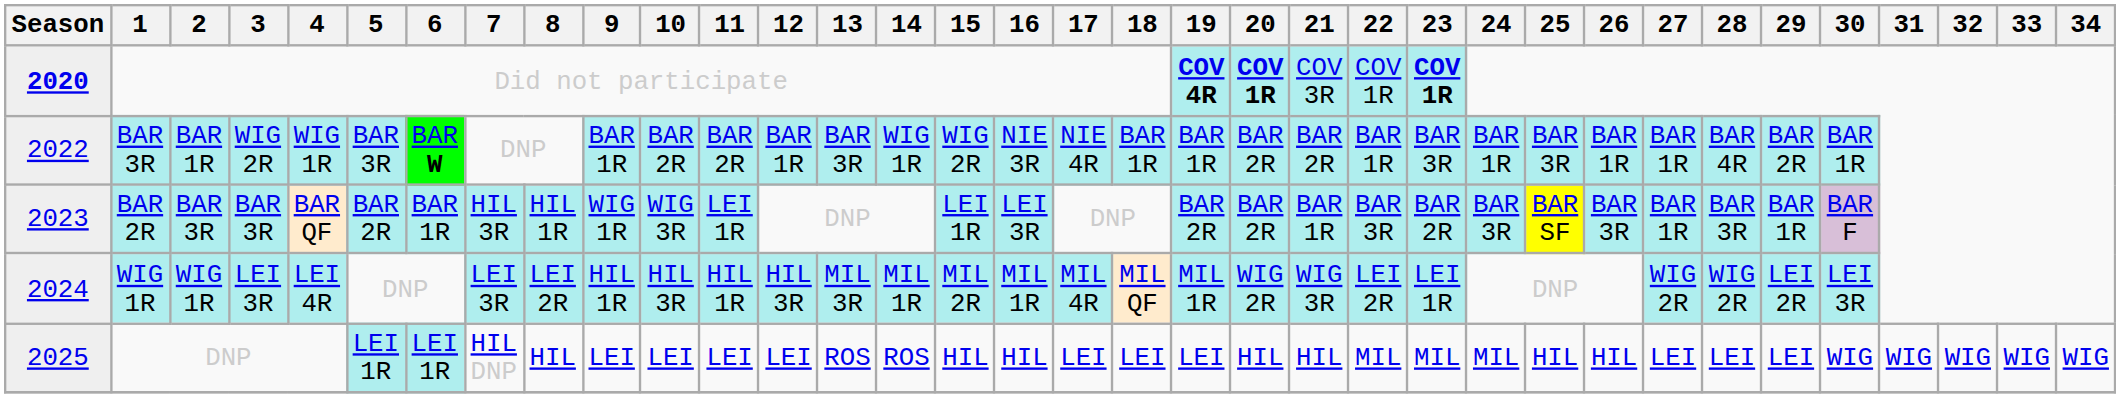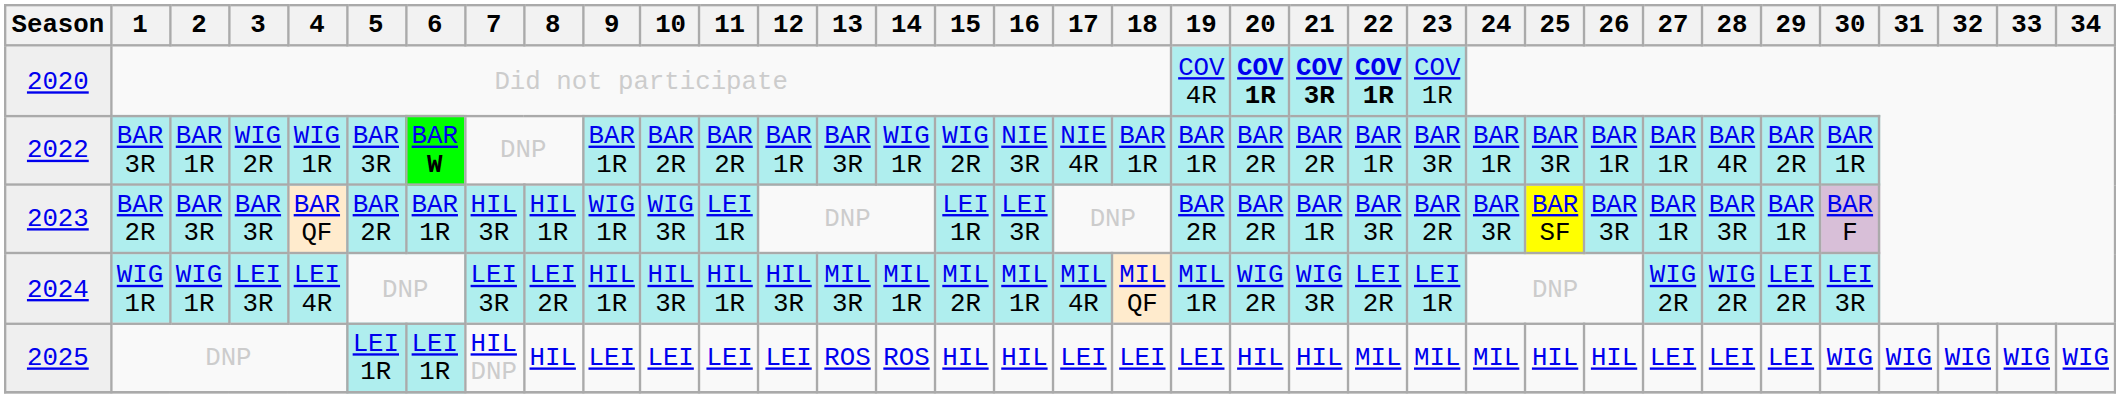 <table class="wikitable" style="width:20%; margin:0; font-size:84%">
 <tr>
 <th>Season</th>
 <th>1</th>
 <th>2</th>
 <th>3</th>
 <th>4</th>
 <th>5</th>
 <th>6</th>
 <th>7</th>
 <th>8</th>
 <th>9</th>
 <th>10</th>
 <th>11</th>
 <th>12</th>
 <th>13</th>
 <th>14</th>
 <th>15</th>
 <th>16</th>
 <th>17</th>
 <th>18</th>
 <th>19</th>
 <th>20</th>
 <th>21</th>
 <th>22</th>
 <th>23</th>
 <th>24</th>
 <th>25</th>
 <th>26</th>
 <th>27</th>
 <th>28</th>
 <th>29</th>
 <th>30</th>
 <th>31</th>
 <th>32</th>
 <th>33</th>
 <th>34</th>
 </tr>
 <tr>
-<td style="text-align:center; background:#efefef;"><strong><a href='#'>2020</a> <br></strong></td>
+<td style="text-align:center; background:#efefef;"><a href='#'>2020</a> <br></td>
 <td colspan="18" style="text-align:center; color:#ccc;">Did not participate</td>
-<td style="text-align:center; background:#afeeee;"><strong><a href='#'>COV</a><br>4R</strong></td>
+<td style="text-align:center; background:#afeeee;"><a href='#'>COV</a><br>4R</td>
 <td style="text-align:center; background:#afeeee;"><strong><a href='#'>COV</a><br>1R</strong></td>
-<td style="text-align:center; background:#afeeee;"><a href='#'>COV</a><br>3R</td>
+<td style="text-align:center; background:#afeeee;"><strong><a href='#'>COV</a><br>3R</strong></td>
+<td style="text-align:center; background:#afeeee;"><strong><a href='#'>COV</a><br>1R</strong></td>
 <td style="text-align:center; background:#afeeee;"><a href='#'>COV</a><br>1R</td>
-<td style="text-align:center; background:#afeeee;"><strong><a href='#'>COV</a><br>1R</strong></td>
 </tr>
 <tr>
 <td style="text-align:center; background:#efefef;"><a href='#'>2022</a></td>
 <td style="text-align:center; background:#afeeee;"><a href='#'>BAR</a><br>3R</td>
 <td style="text-align:center; background:#afeeee;"><a href='#'>BAR</a><br>1R</td>
 <td style="text-align:center; background:#afeeee;"><a href='#'>WIG</a><br>2R</td>
 <td style="text-align:center; background:#afeeee;"><a href='#'>WIG</a><br>1R</td>
 <td style="text-align:center; background:#afeeee;"><a href='#'>BAR</a><br>3R</td>
 <td style="text-align:center; background:lime;"><a href='#'>BAR</a><br><strong>W</strong></td>
 <td colspan="2" style="text-align:center; color:#ccc;">DNP</td>
 <td style="text-align:center; background:#afeeee;"><a href='#'>BAR</a><br>1R</td>
 <td style="text-align:center; background:#afeeee;"><a href='#'>BAR</a><br>2R</td>
 <td style="text-align:center; background:#afeeee;"><a href='#'>BAR</a><br>2R</td>
 <td style="text-align:center; background:#afeeee;"><a href='#'>BAR</a><br>1R</td>
 <td style="text-align:center; background:#afeeee;"><a href='#'>BAR</a><br>3R</td>
 <td style="text-align:center; background:#afeeee;"><a href='#'>WIG</a><br>1R</td>
 <td style="text-align:center; background:#afeeee;"><a href='#'>WIG</a><br>2R</td>
 <td style="text-align:center; background:#afeeee;"><a href='#'>NIE</a><br>3R</td>
 <td style="text-align:center; background:#afeeee;"><a href='#'>NIE</a><br>4R</td>
 <td style="text-align:center; background:#afeeee;"><a href='#'>BAR</a><br>1R</td>
 <td style="text-align:center; background:#afeeee;"><a href='#'>BAR</a><br>1R</td>
 <td style="text-align:center; background:#afeeee;"><a href='#'>BAR</a><br>2R</td>
 <td style="text-align:center; background:#afeeee;"><a href='#'>BAR</a><br>2R</td>
 <td style="text-align:center; background:#afeeee;"><a href='#'>BAR</a><br>1R</td>
 <td style="text-align:center; background:#afeeee;"><a href='#'>BAR</a><br>3R</td>
 <td style="text-align:center; background:#afeeee;"><a href='#'>BAR</a><br>1R</td>
 <td style="text-align:center; background:#afeeee;"><a href='#'>BAR</a><br>3R</td>
 <td style="text-align:center; background:#afeeee;"><a href='#'>BAR</a><br>1R</td>
 <td style="text-align:center; background:#afeeee;"><a href='#'>BAR</a><br>1R</td>
 <td style="text-align:center; background:#afeeee;"><a href='#'>BAR</a><br>4R</td>
 <td style="text-align:center; background:#afeeee;"><a href='#'>BAR</a><br>2R</td>
 <td style="text-align:center; background:#afeeee;"><a href='#'>BAR</a><br>1R</td>
 </tr>
 <tr>
 <td style="text-align:center; background:#efefef;"><a href='#'>2023</a></td>
 <td style="text-align:center; background:#afeeee;"><a href='#'>BAR</a><br>2R</td>
 <td style="text-align:center; background:#afeeee;"><a href='#'>BAR</a><br>3R</td>
 <td style="text-align:center; background:#afeeee;"><a href='#'>BAR</a><br>3R</td>
 <td style="text-align:center; background:#ffebcd;"><a href='#'>BAR</a><br>QF</td>
 <td style="text-align:center; background:#afeeee;"><a href='#'>BAR</a><br>2R</td>
 <td style="text-align:center; background:#afeeee;"><a href='#'>BAR</a><br>1R</td>
 <td style="text-align:center; background:#afeeee;"><a href='#'>HIL</a><br>3R</td>
 <td style="text-align:center; background:#afeeee;"><a href='#'>HIL</a><br>1R</td>
 <td style="text-align:center; background:#afeeee;"><a href='#'>WIG</a><br>1R</td>
 <td style="text-align:center; background:#afeeee;"><a href='#'>WIG</a><br>3R</td>
 <td style="text-align:center; background:#afeeee;"><a href='#'>LEI</a><br>1R</td>
 <td colspan="3" style="text-align:center; color:#ccc;">DNP</td>
 <td style="text-align:center; background:#afeeee;"><a href='#'>LEI</a><br>1R</td>
 <td style="text-align:center; background:#afeeee;"><a href='#'>LEI</a><br>3R</td>
 <td colspan="2" style="text-align:center; color:#ccc;">DNP</td>
 <td style="text-align:center; background:#afeeee;"><a href='#'>BAR</a><br>2R</td>
 <td style="text-align:center; background:#afeeee;"><a href='#'>BAR</a><br>2R</td>
 <td style="text-align:center; background:#afeeee;"><a href='#'>BAR</a><br>1R</td>
 <td style="text-align:center; background:#afeeee;"><a href='#'>BAR</a><br>3R</td>
 <td style="text-align:center; background:#afeeee;"><a href='#'>BAR</a><br>2R</td>
 <td style="text-align:center; background:#afeeee;"><a href='#'>BAR</a><br>3R</td>
 <td style="text-align:center; background:yellow;"><a href='#'>BAR</a><br>SF</td>
 <td style="text-align:center; background:#afeeee;"><a href='#'>BAR</a><br>3R</td>
 <td style="text-align:center; background:#afeeee;"><a href='#'>BAR</a><br>1R</td>
 <td style="text-align:center; background:#afeeee;"><a href='#'>BAR</a><br>3R</td>
 <td style="text-align:center; background:#afeeee;"><a href='#'>BAR</a><br>1R</td>
 <td style="text-align:center; background:thistle;"><a href='#'>BAR</a><br>F</td>
 </tr>
 <tr>
 <td style="text-align:center; background:#efefef;"><a href='#'>2024</a></td>
 <td style="text-align:center; background:#afeeee;"><a href='#'>WIG</a><br>1R</td>
 <td style="text-align:center; background:#afeeee;"><a href='#'>WIG</a><br>1R</td>
 <td style="text-align:center; background:#afeeee;"><a href='#'>LEI</a><br>3R</td>
 <td style="text-align:center; background:#afeeee;"><a href='#'>LEI</a><br>4R</td>
 <td colspan="2" style="text-align:center; color:#ccc;">DNP</td>
 <td style="text-align:center; background:#afeeee;"><a href='#'>LEI</a><br>3R</td>
 <td style="text-align:center; background:#afeeee;"><a href='#'>LEI</a><br>2R</td>
 <td style="text-align:center; background:#afeeee;"><a href='#'>HIL</a><br>1R</td>
 <td style="text-align:center; background:#afeeee;"><a href='#'>HIL</a><br>3R</td>
 <td style="text-align:center; background:#afeeee;"><a href='#'>HIL</a><br>1R</td>
 <td style="text-align:center; background:#afeeee;"><a href='#'>HIL</a><br>3R</td>
 <td style="text-align:center; background:#afeeee;"><a href='#'>MIL</a><br>3R</td>
 <td style="text-align:center; background:#afeeee;"><a href='#'>MIL</a><br>1R</td>
 <td style="text-align:center; background:#afeeee;"><a href='#'>MIL</a><br>2R</td>
 <td style="text-align:center; background:#afeeee;"><a href='#'>MIL</a><br>1R</td>
 <td style="text-align:center; background:#afeeee;"><a href='#'>MIL</a><br>4R</td>
 <td style="text-align:center; background:#ffebcd;"><a href='#'>MIL</a><br>QF</td>
 <td style="text-align:center; background:#afeeee;"><a href='#'>MIL</a><br>1R</td>
 <td style="text-align:center; background:#afeeee;"><a href='#'>WIG</a><br>2R</td>
 <td style="text-align:center; background:#afeeee;"><a href='#'>WIG</a><br>3R</td>
 <td style="text-align:center; background:#afeeee;"><a href='#'>LEI</a><br>2R</td>
 <td style="text-align:center; background:#afeeee;"><a href='#'>LEI</a><br>1R</td>
 <td colspan="3" style="text-align:center; color:#ccc;">DNP</td>
 <td style="text-align:center; background:#afeeee;"><a href='#'>WIG</a><br>2R</td>
 <td style="text-align:center; background:#afeeee;"><a href='#'>WIG</a><br>2R</td>
 <td style="text-align:center; background:#afeeee;"><a href='#'>LEI</a><br>2R</td>
 <td style="text-align:center; background:#afeeee;"><a href='#'>LEI</a><br>3R</td>
 </tr>
 <tr>
 <td style="text-align:center; background:#efefef;"><a href='#'>2025</a></td>
 <td colspan="4" style="text-align:center; color:#ccc;">DNP</td>
 <td style="text-align:center; background:#afeeee;"><a href='#'>LEI</a><br>1R</td>
 <td style="text-align:center; background:#afeeee;"><a href='#'>LEI</a><br>1R</td>
 <td style="text-align:center; color:#ccc;"><a href='#'>HIL</a><br>DNP</td>
 <td style="text-align:center; background:#;"><a href='#'>HIL</a><br></td>
 <td style="text-align:center; background:#;"><a href='#'>LEI</a><br></td>
 <td style="text-align:center; background:#;"><a href='#'>LEI</a><br></td>
 <td style="text-align:center; background:#;"><a href='#'>LEI</a><br></td>
 <td style="text-align:center; background:#;"><a href='#'>LEI</a><br></td>
 <td style="text-align:center; background:#;"><a href='#'>ROS</a><br></td>
 <td style="text-align:center; background:#;"><a href='#'>ROS</a><br></td>
 <td style="text-align:center; background:#;"><a href='#'>HIL</a><br></td>
 <td style="text-align:center; background:#;"><a href='#'>HIL</a><br></td>
 <td style="text-align:center; background:#;"><a href='#'>LEI</a><br></td>
 <td style="text-align:center; background:#;"><a href='#'>LEI</a><br></td>
 <td style="text-align:center; background:#;"><a href='#'>LEI</a><br></td>
 <td style="text-align:center; background:#;"><a href='#'>HIL</a><br></td>
 <td style="text-align:center; background:#;"><a href='#'>HIL</a><br></td>
 <td style="text-align:center; background:#;"><a href='#'>MIL</a><br></td>
 <td style="text-align:center; background:#;"><a href='#'>MIL</a><br></td>
 <td style="text-align:center; background:#;"><a href='#'>MIL</a><br></td>
 <td style="text-align:center; background:#;"><a href='#'>HIL</a><br></td>
 <td style="text-align:center; background:#;"><a href='#'>HIL</a><br></td>
 <td style="text-align:center; background:#;"><a href='#'>LEI</a><br></td>
 <td style="text-align:center; background:#;"><a href='#'>LEI</a><br></td>
 <td style="text-align:center; background:#;"><a href='#'>LEI</a><br></td>
 <td style="text-align:center; background:#;"><a href='#'>WIG</a><br></td>
 <td style="text-align:center; background:#;"><a href='#'>WIG</a><br></td>
 <td style="text-align:center; background:#;"><a href='#'>WIG</a><br></td>
 <td style="text-align:center; background:#;"><a href='#'>WIG</a><br></td>
 <td style="text-align:center; background:#;"><a href='#'>WIG</a><br></td>
 </tr>
 <tr>
 </tr>
 </table>
